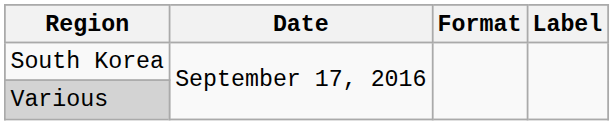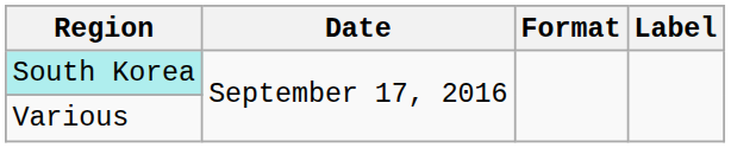 <table class="wikitable">
 <tr>
 <th>Region</th>
 <th>Date</th>
 <th>Format</th>
 <th>Label</th>
 </tr>
 <tr>
-<td>South Korea</td>
+<td style="background: paleturquoise;">South Korea</td>
 <td rowspan="2">September 17, 2016</td>
 <td rowspan="2"></td>
 <td rowspan="2"></td>
 </tr>
 <tr>
-<td style="background: lightgrey;">Various</td>
+<td>Various</td>
 </tr>
 </table>
